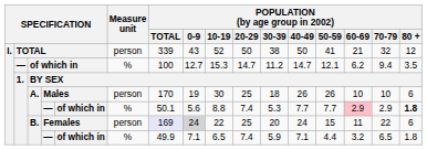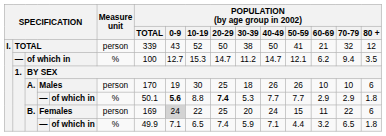 <table class="wikitable" style="font-size:85%; text-align:center">
 <tr>
 <th rowspan="2" colspan="5">SPECIFICATION</th>
 <th rowspan="2">Measure<br> unit</th>
 <th colspan="10" rowspan="1">POPULATION<br> (by age group in 2002)</th>
 </tr>
 <tr>
 <th>TOTAL</th>
 <th>0-9</th>
 <th>10-19</th>
 <th>20-29</th>
 <th>30-39</th>
 <th>40-49</th>
 <th>50-59</th>
 <th>60-69</th>
 <th>70-79</th>
 <th>80 +</th>
 </tr>
 <tr>
 <th style="text-align:left" valign="top" rowspan="7">I.</th>
 <th style="text-align:left" colspan="4">TOTAL</th>
 <td>person</td>
 <td>339</td>
 <td>43</td>
 <td>52</td>
 <td>50</td>
 <td>38</td>
 <td>50</td>
 <td>41</td>
 <td>21</td>
 <td>32</td>
 <td>12</td>
 </tr>
 <tr>
 <th style="text-align:left" valign="top">—</th>
 <th style="text-align:left" colspan="3">of which in</th>
 <td>%</td>
 <td>100</td>
 <td>12.7</td>
 <td>15.3</td>
 <td>14.7</td>
 <td>11.2</td>
 <td>14.7</td>
 <td>12.1</td>
 <td>6.2</td>
 <td>9.4</td>
 <td>3.5</td>
 </tr>
 <tr>
 <th style="text-align:left" valign="top" rowspan="5">1.</th>
 <th style="text-align:left" colspan="14">BY SEX</th>
 </tr>
 <tr>
 <th style="text-align:left" valign="top" rowspan="2">A.</th>
 <th style="text-align:left" colspan="2">Males</th>
 <td>person</td>
 <td>170</td>
 <td>19</td>
 <td>30</td>
 <td>25</td>
 <td>18</td>
 <td>26</td>
 <td>26</td>
 <td>10</td>
 <td>10</td>
 <td>6</td>
 </tr>
 <tr>
 <th style="text-align:left" valign="top">—</th>
 <th style="text-align:left" colspan="1">of which in</th>
 <td>%</td>
 <td>50.1</td>
-<td>5.6</td>
+<td><strong>5.6</strong></td>
 <td>8.8</td>
-<td>7.4</td>
+<td><strong>7.4</strong></td>
 <td>5.3</td>
 <td>7.7</td>
 <td>7.7</td>
-<td style="background: pink;">2.9</td>
 <td>2.9</td>
-<td><strong>1.8</strong></td>
+<td>2.9</td>
+<td>1.8</td>
 </tr>
 <tr>
 <th style="text-align:left" valign="top" rowspan="2">B.</th>
 <th style="text-align:left" colspan="2">Females</th>
 <td>person</td>
-<td style="background: lavender;">169</td>
+<td>169</td>
 <td style="background: lightgrey;">24</td>
 <td>22</td>
 <td>25</td>
 <td>20</td>
 <td>24</td>
 <td>15</td>
 <td>11</td>
 <td>22</td>
 <td>6</td>
 </tr>
 <tr>
 <th style="text-align:left" valign="top">—</th>
 <th style="text-align:left" colspan="1">of which in</th>
 <td>%</td>
 <td>49.9</td>
 <td>7.1</td>
 <td>6.5</td>
 <td>7.4</td>
 <td>5.9</td>
 <td>7.1</td>
 <td>4.4</td>
 <td>3.2</td>
 <td>6.5</td>
 <td>1.8</td>
 </tr>
 </table>
